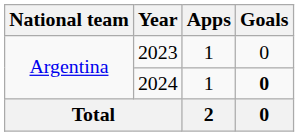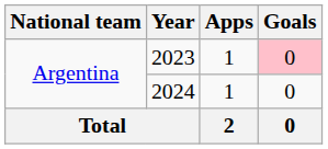 <table class="wikitable" style="text-align:center">
 <tr>
 <th>National team</th>
 <th>Year</th>
 <th>Apps</th>
 <th>Goals</th>
 </tr>
 <tr>
 <td rowspan="2"><a href='#'>Argentina</a></td>
 <td>2023</td>
 <td>1</td>
-<td>0</td>
+<td style="background: pink;">0</td>
 </tr>
 <tr>
 <td>2024</td>
 <td>1</td>
-<td><strong>0</strong></td>
+<td>0</td>
 </tr>
 <tr>
 <th colspan="2">Total</th>
 <th>2</th>
 <th>0</th>
 </tr>
 </table>
